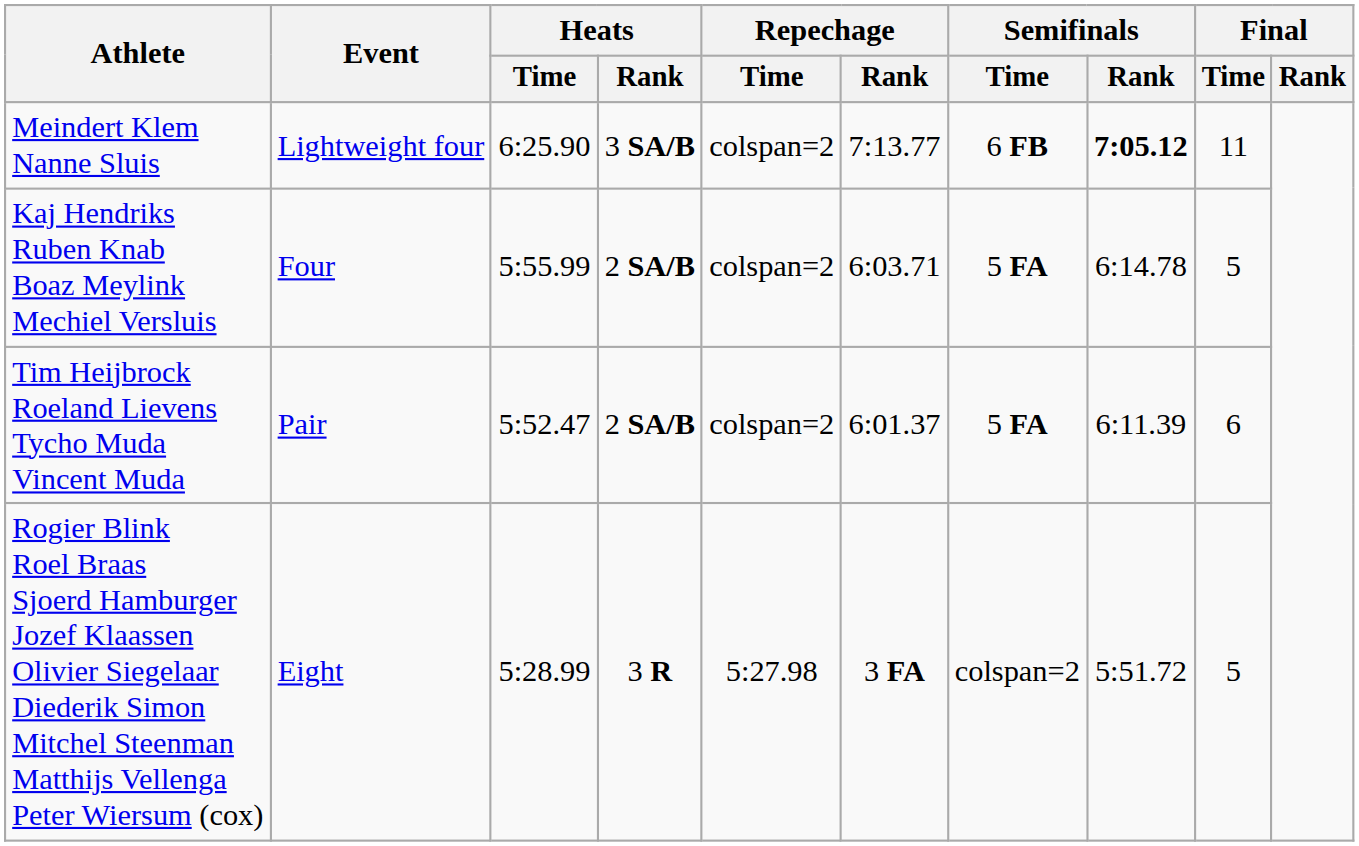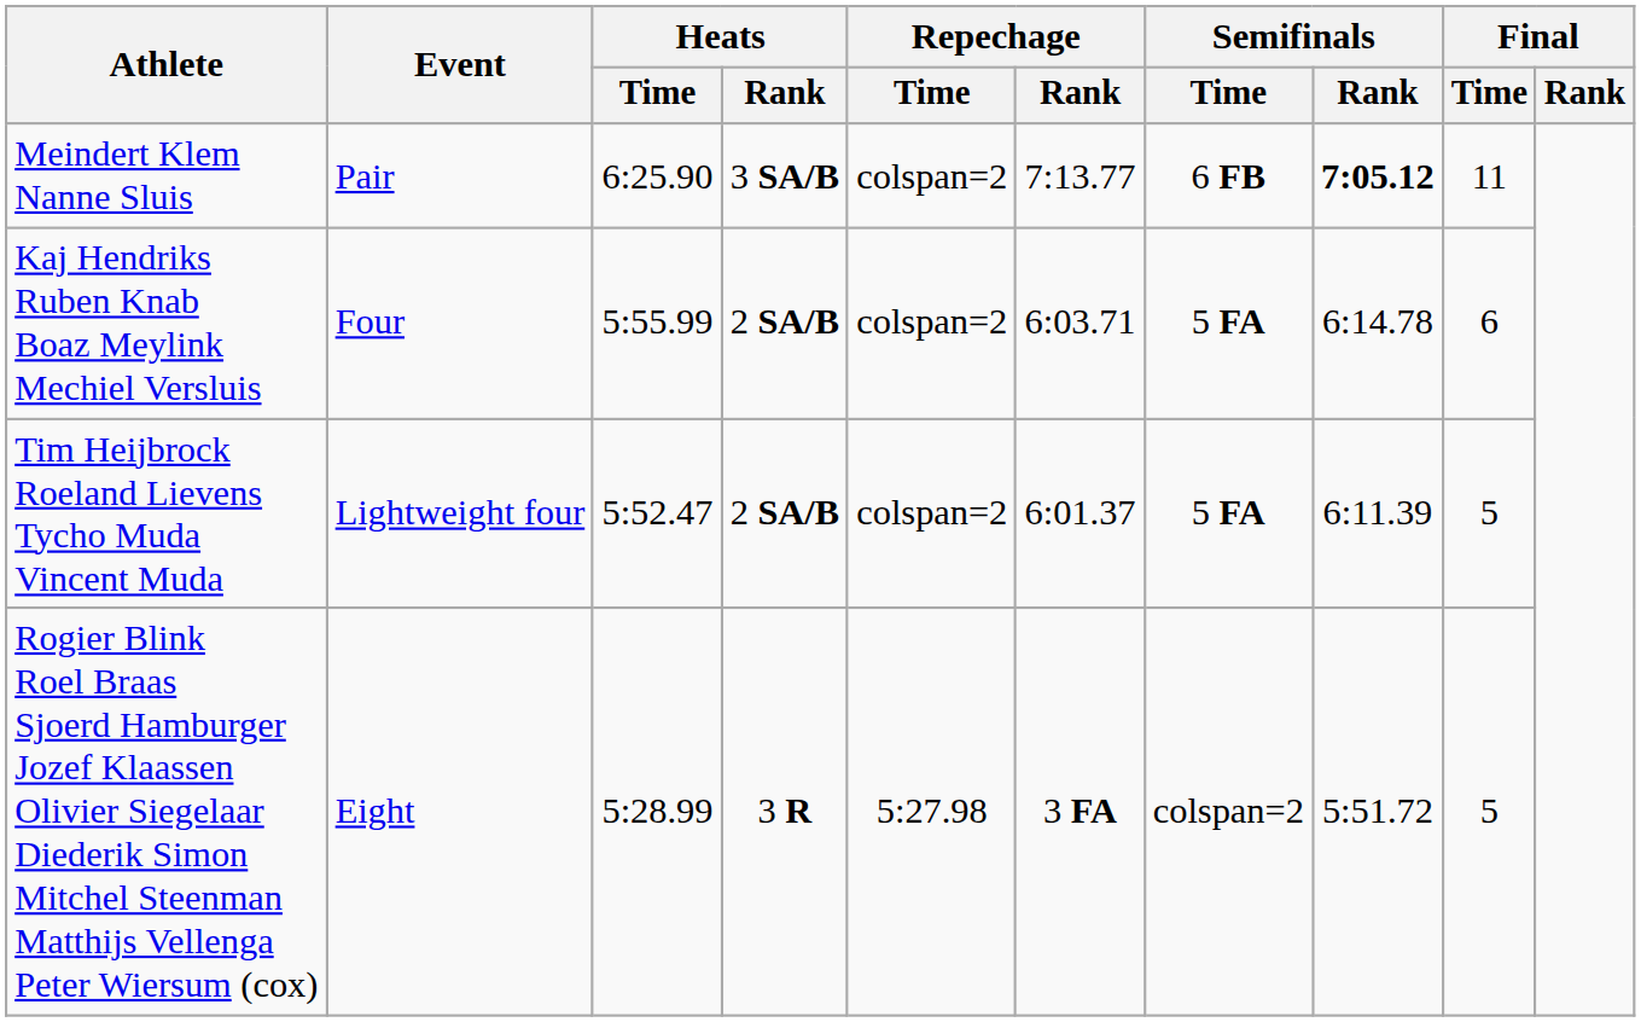 <table class="wikitable" style="font-size:90%">
 <tr>
 <th rowspan="2">Athlete</th>
 <th rowspan="2">Event</th>
 <th colspan="2">Heats</th>
 <th colspan="2">Repechage</th>
 <th colspan="2">Semifinals</th>
 <th colspan="2">Final</th>
 </tr>
 <tr style="font-size:95%">
 <th>Time</th>
 <th>Rank</th>
 <th>Time</th>
 <th>Rank</th>
 <th>Time</th>
 <th>Rank</th>
 <th>Time</th>
 <th>Rank</th>
 </tr>
 <tr align=center>
 <td align=left><a href='#'>Meindert Klem</a><br><a href='#'>Nanne Sluis</a></td>
-<td align=left><a href='#'>Lightweight four</a></td>
+<td align=left><a href='#'>Pair</a></td>
 <td>6:25.90</td>
 <td>3 <strong>SA/B</strong></td>
 <td>colspan=2 </td>
 <td>7:13.77</td>
 <td>6 <strong>FB</strong></td>
 <td><strong>7:05.12</strong></td>
 <td>11</td>
 </tr>
 <tr align=center>
 <td align=left><a href='#'>Kaj Hendriks</a><br><a href='#'>Ruben Knab</a><br><a href='#'>Boaz Meylink</a><br><a href='#'>Mechiel Versluis</a></td>
 <td align=left><a href='#'>Four</a></td>
 <td>5:55.99</td>
 <td>2 <strong>SA/B</strong></td>
 <td>colspan=2 </td>
 <td>6:03.71</td>
 <td>5 <strong>FA</strong></td>
 <td>6:14.78</td>
-<td>5</td>
+<td>6</td>
 </tr>
 <tr align=center>
 <td align=left><a href='#'>Tim Heijbrock</a><br><a href='#'>Roeland Lievens</a><br><a href='#'>Tycho Muda</a><br><a href='#'>Vincent Muda</a></td>
-<td align=left><a href='#'>Pair</a></td>
+<td align=left><a href='#'>Lightweight four</a></td>
 <td>5:52.47</td>
 <td>2 <strong>SA/B</strong></td>
 <td>colspan=2 </td>
 <td>6:01.37</td>
 <td>5 <strong>FA</strong></td>
 <td>6:11.39</td>
-<td>6</td>
+<td>5</td>
 </tr>
 <tr align=center>
 <td align=left><a href='#'>Rogier Blink</a><br><a href='#'>Roel Braas</a><br><a href='#'>Sjoerd Hamburger</a><br><a href='#'>Jozef Klaassen</a><br><a href='#'>Olivier Siegelaar</a><br><a href='#'>Diederik Simon</a><br><a href='#'>Mitchel Steenman</a><br><a href='#'>Matthijs Vellenga</a><br><a href='#'>Peter Wiersum</a> (cox)</td>
 <td align=left><a href='#'>Eight</a></td>
 <td>5:28.99</td>
 <td>3 <strong>R</strong></td>
 <td>5:27.98</td>
 <td>3 <strong>FA</strong></td>
 <td>colspan=2 </td>
 <td>5:51.72</td>
 <td>5</td>
 </tr>
 </table>
